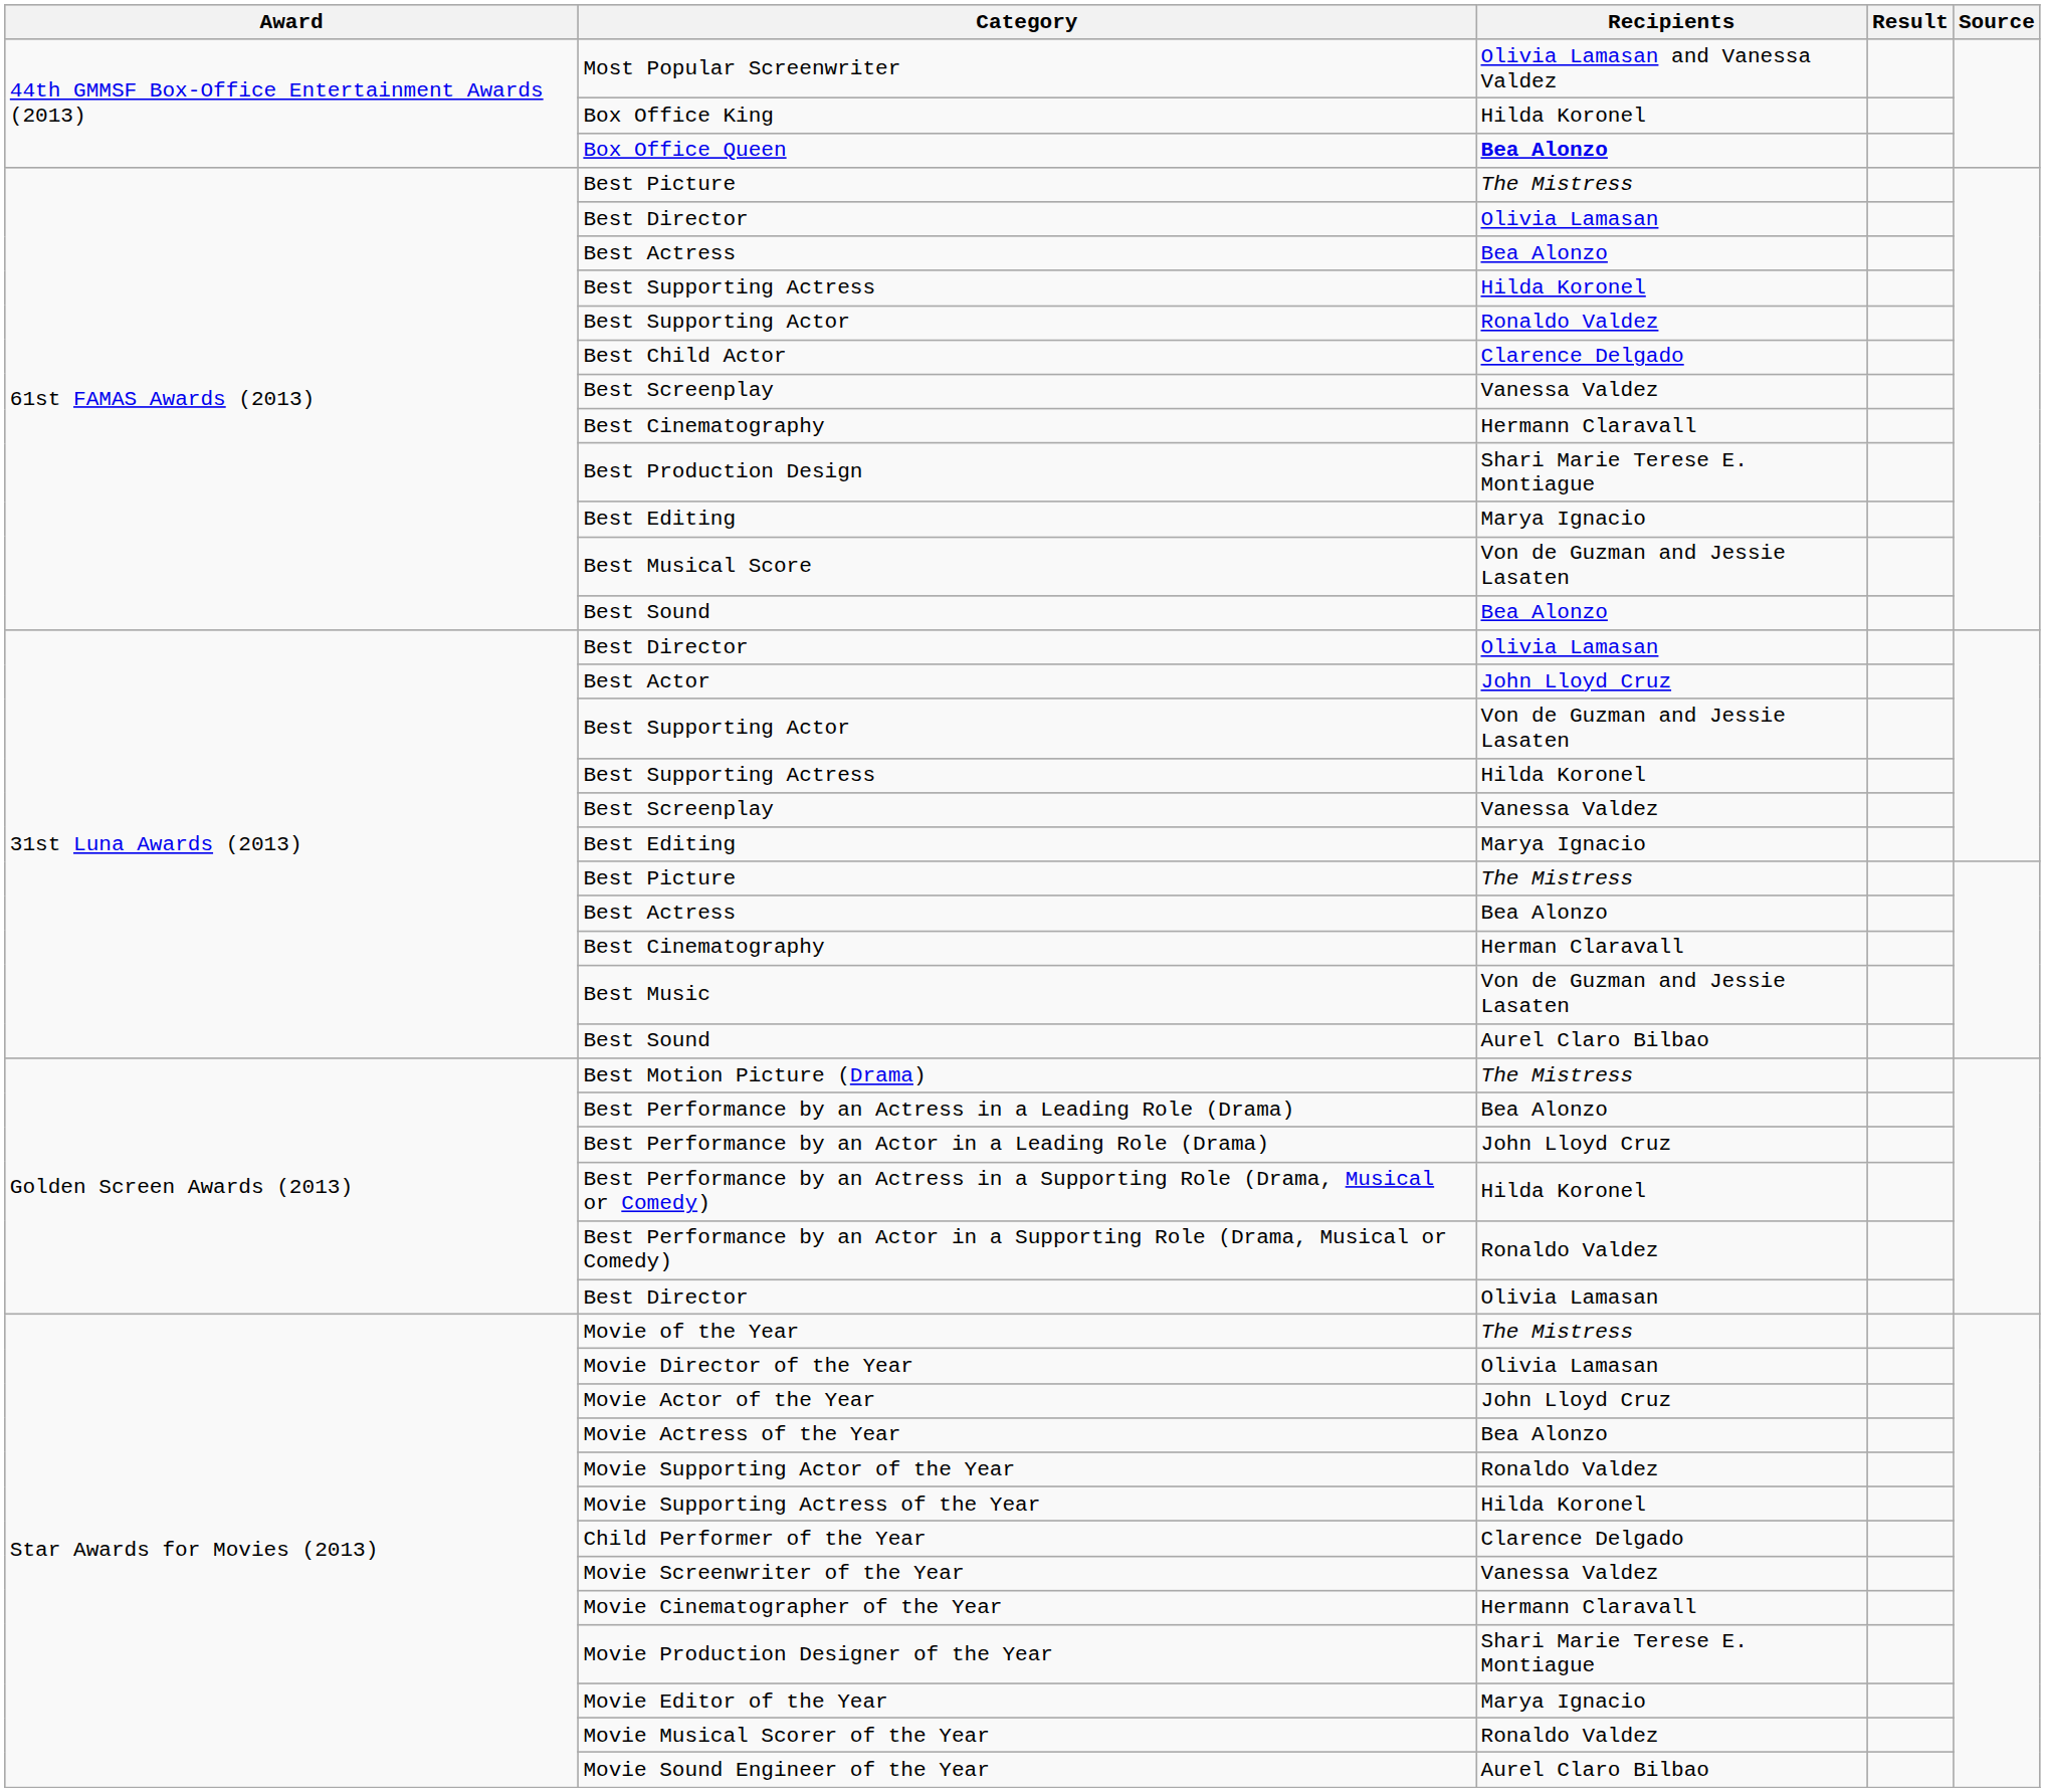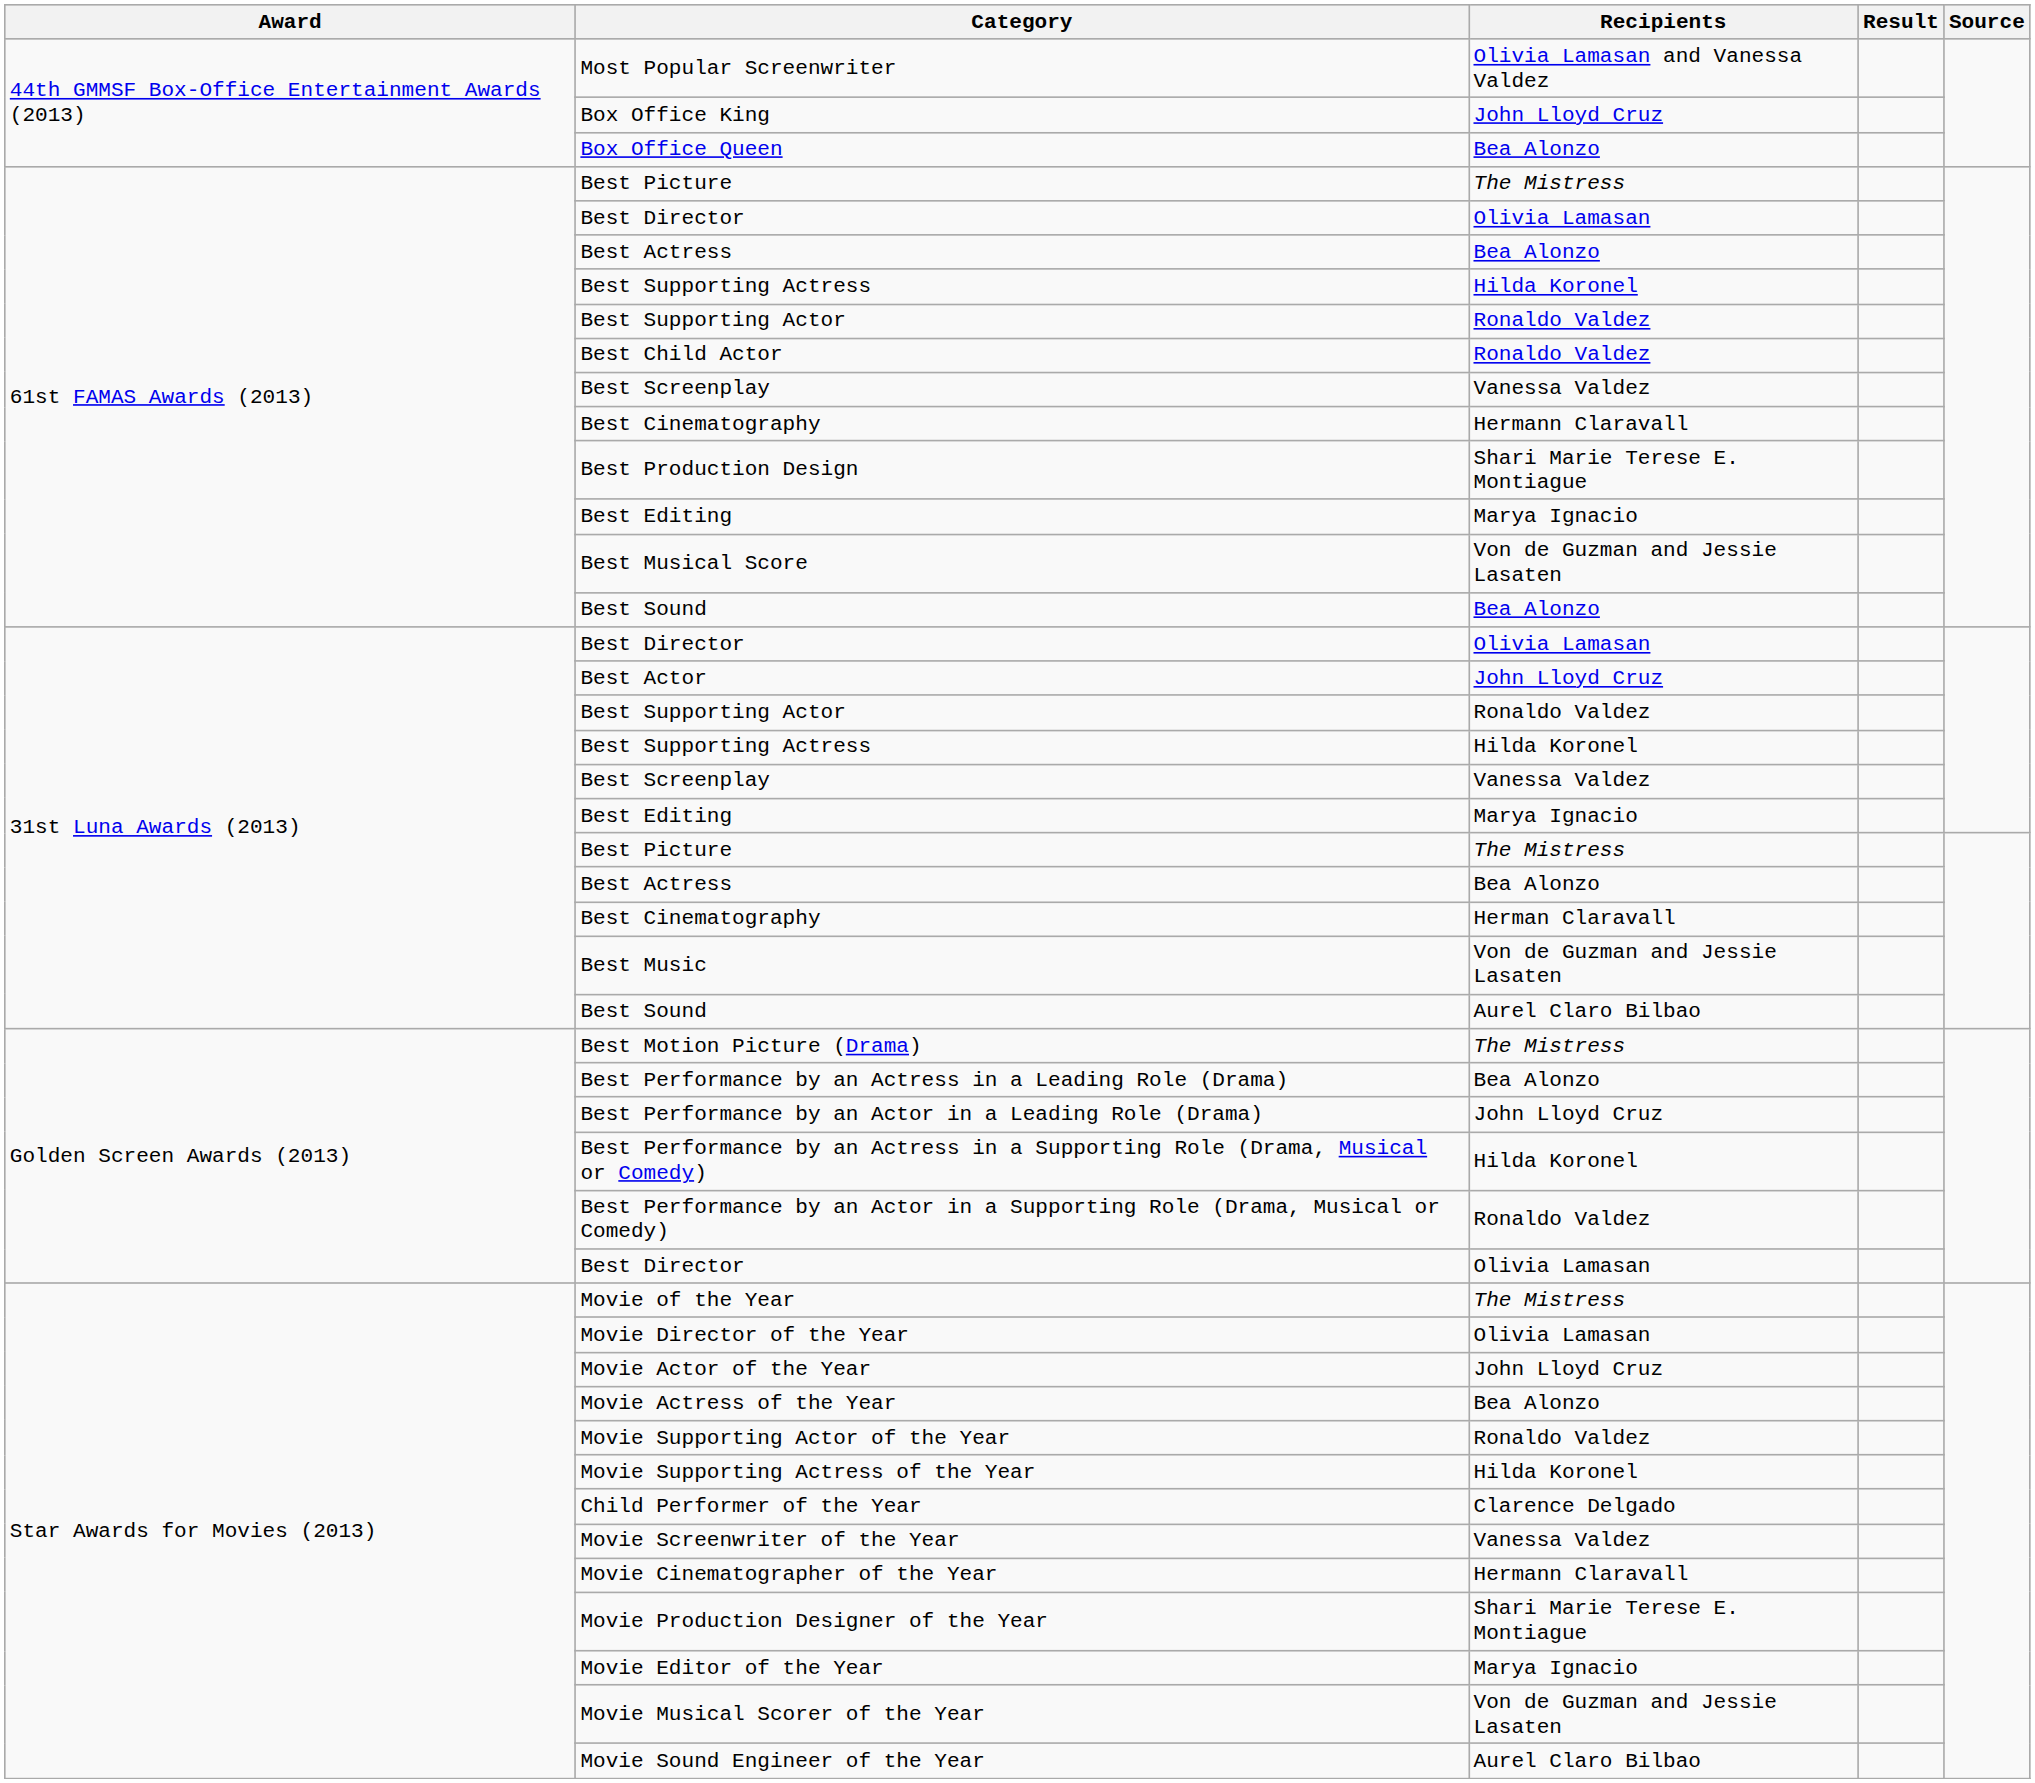 <table class="wikitable">
 <tr>
 <th>Award</th>
 <th>Category</th>
 <th>Recipients</th>
 <th>Result</th>
 <th>Source</th>
 </tr>
 <tr>
 <td rowspan=3><a href='#'>44th GMMSF Box-Office Entertainment Awards</a> (2013)</td>
 <td>Most Popular Screenwriter</td>
 <td><a href='#'>Olivia Lamasan</a> and Vanessa Valdez</td>
 <td></td>
 <td rowspan=3 style="text-align:center;"></td>
 </tr>
 <tr>
 <td>Box Office King</td>
-<td>Hilda Koronel</td>
+<td><a href='#'>John Lloyd Cruz</a></td>
 <td></td>
 </tr>
 <tr>
 <td><a href='#'>Box Office Queen</a></td>
-<td><strong><a href='#'>Bea Alonzo</a></strong></td>
+<td><a href='#'>Bea Alonzo</a></td>
 <td></td>
 </tr>
 <tr>
 <td rowspan="12">61st <a href='#'>FAMAS Awards</a> (2013)</td>
 <td>Best Picture</td>
 <td><em>The Mistress</em></td>
 <td></td>
 <td rowspan="12" style="text-align:center;"></td>
 </tr>
 <tr>
 <td>Best Director</td>
 <td><a href='#'>Olivia Lamasan</a></td>
 <td></td>
 </tr>
 <tr>
 <td>Best Actress</td>
 <td><a href='#'>Bea Alonzo</a></td>
 <td></td>
 </tr>
 <tr>
 <td>Best Supporting Actress</td>
 <td><a href='#'>Hilda Koronel</a></td>
 <td></td>
 </tr>
 <tr>
 <td>Best Supporting Actor</td>
 <td><a href='#'>Ronaldo Valdez</a></td>
 <td></td>
 </tr>
 <tr>
 <td>Best Child Actor</td>
-<td><a href='#'>Clarence Delgado</a></td>
+<td><a href='#'>Ronaldo Valdez</a></td>
 <td></td>
 </tr>
 <tr>
 <td>Best Screenplay</td>
 <td>Vanessa Valdez</td>
 <td></td>
 </tr>
 <tr>
 <td>Best Cinematography</td>
 <td>Hermann Claravall</td>
 <td></td>
 </tr>
 <tr>
 <td>Best Production Design</td>
 <td>Shari Marie Terese E. Montiague</td>
 <td></td>
 </tr>
 <tr>
 <td>Best Editing</td>
 <td>Marya Ignacio</td>
 <td></td>
 </tr>
 <tr>
 <td>Best Musical Score</td>
 <td>Von de Guzman and Jessie Lasaten</td>
 <td></td>
 </tr>
 <tr>
 <td>Best Sound</td>
 <td><a href='#'>Bea Alonzo</a></td>
 <td></td>
 </tr>
 <tr>
 <td rowspan="11">31st <a href='#'>Luna Awards</a> (2013)</td>
 <td>Best Director</td>
 <td><a href='#'>Olivia Lamasan</a></td>
 <td></td>
 <td rowspan="6" style="text-align:center;"></td>
 </tr>
 <tr>
 <td>Best Actor</td>
 <td><a href='#'>John Lloyd Cruz</a></td>
 <td></td>
 </tr>
 <tr>
 <td>Best Supporting Actor</td>
-<td>Von de Guzman and Jessie Lasaten</td>
+<td>Ronaldo Valdez</td>
 <td></td>
 </tr>
 <tr>
 <td>Best Supporting Actress</td>
 <td>Hilda Koronel</td>
 <td></td>
 </tr>
 <tr>
 <td>Best Screenplay</td>
 <td>Vanessa Valdez</td>
 <td></td>
 </tr>
 <tr>
 <td>Best Editing</td>
 <td>Marya Ignacio</td>
 <td></td>
 </tr>
 <tr>
 <td>Best Picture</td>
 <td><em>The Mistress</em></td>
 <td></td>
 <td rowspan="5" style="text-align:center;"></td>
 </tr>
 <tr>
 <td>Best Actress</td>
 <td>Bea Alonzo</td>
 <td></td>
 </tr>
 <tr>
 <td>Best Cinematography</td>
 <td>Herman Claravall</td>
 <td></td>
 </tr>
 <tr>
 <td>Best Music</td>
 <td>Von de Guzman and Jessie Lasaten</td>
 <td></td>
 </tr>
 <tr>
 <td>Best Sound</td>
 <td>Aurel Claro Bilbao</td>
 <td></td>
 </tr>
 <tr>
 <td rowspan="6">Golden Screen Awards (2013)</td>
 <td>Best Motion Picture (<a href='#'>Drama</a>)</td>
 <td><em>The Mistress</em></td>
 <td></td>
 <td rowspan="6" style="text-align:center;"></td>
 </tr>
 <tr>
 <td>Best Performance by an Actress in a Leading Role (Drama)</td>
 <td>Bea Alonzo</td>
 <td></td>
 </tr>
 <tr>
 <td>Best Performance by an Actor in a Leading Role (Drama)</td>
 <td>John Lloyd Cruz</td>
 <td></td>
 </tr>
 <tr>
 <td>Best Performance by an Actress in a Supporting Role (Drama, <a href='#'>Musical</a> or <a href='#'>Comedy</a>)</td>
 <td>Hilda Koronel</td>
 <td></td>
 </tr>
 <tr>
 <td>Best Performance by an Actor in a Supporting Role (Drama, Musical or Comedy)</td>
 <td>Ronaldo Valdez</td>
 <td></td>
 </tr>
 <tr>
 <td>Best Director</td>
 <td>Olivia Lamasan</td>
 <td></td>
 </tr>
 <tr>
 <td rowspan="13">Star Awards for Movies (2013)</td>
 <td>Movie of the Year</td>
 <td><em>The Mistress</em></td>
 <td></td>
 <td rowspan="13" style="text-align:center;"></td>
 </tr>
 <tr>
 <td>Movie Director of the Year</td>
 <td>Olivia Lamasan</td>
 <td></td>
 </tr>
 <tr>
 <td>Movie Actor of the Year</td>
 <td>John Lloyd Cruz</td>
 <td></td>
 </tr>
 <tr>
 <td>Movie Actress of the Year</td>
 <td>Bea Alonzo</td>
 <td></td>
 </tr>
 <tr>
 <td>Movie Supporting Actor of the Year</td>
 <td>Ronaldo Valdez</td>
 <td></td>
 </tr>
 <tr>
 <td>Movie Supporting Actress of the Year</td>
 <td>Hilda Koronel</td>
 <td></td>
 </tr>
 <tr>
 <td>Child Performer of the Year</td>
 <td>Clarence Delgado</td>
 <td></td>
 </tr>
 <tr>
 <td>Movie Screenwriter of the Year</td>
 <td>Vanessa Valdez</td>
 <td></td>
 </tr>
 <tr>
 <td>Movie Cinematographer of the Year</td>
 <td>Hermann Claravall</td>
 <td></td>
 </tr>
 <tr>
 <td>Movie Production Designer of the Year</td>
 <td>Shari Marie Terese E. Montiague</td>
 <td></td>
 </tr>
 <tr>
 <td>Movie Editor of the Year</td>
 <td>Marya Ignacio</td>
 <td></td>
 </tr>
 <tr>
 <td>Movie Musical Scorer of the Year</td>
-<td>Ronaldo Valdez</td>
+<td>Von de Guzman and Jessie Lasaten</td>
 <td></td>
 </tr>
 <tr>
 <td>Movie Sound Engineer of the Year</td>
 <td>Aurel Claro Bilbao</td>
 <td></td>
 </tr>
 <tr>
 </tr>
 </table>
